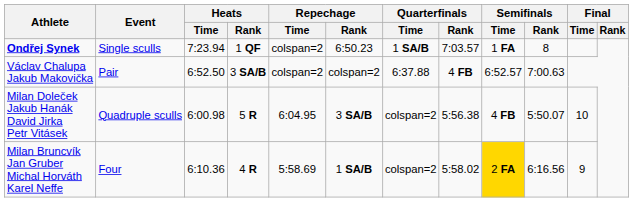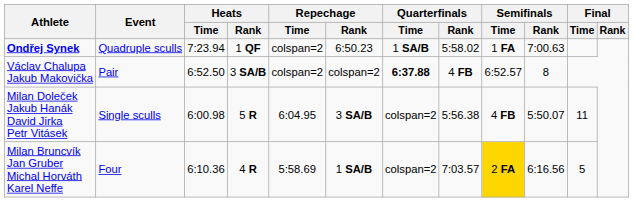 <table class="wikitable" style="font-size:90%">
 <tr>
 <th rowspan="2">Athlete</th>
 <th rowspan="2">Event</th>
 <th colspan="2">Heats</th>
 <th colspan="2">Repechage</th>
 <th colspan="2">Quarterfinals</th>
 <th colspan="2">Semifinals</th>
 <th colspan="2">Final</th>
 </tr>
 <tr style="font-size:95%">
 <th>Time</th>
 <th>Rank</th>
 <th>Time</th>
 <th>Rank</th>
 <th>Time</th>
 <th>Rank</th>
 <th>Time</th>
 <th>Rank</th>
 <th>Time</th>
 <th>Rank</th>
 </tr>
 <tr align=center>
 <td align=left><strong><a href='#'>Ondřej Synek</a></strong></td>
-<td align=left><a href='#'>Single sculls</a></td>
+<td align=left><a href='#'>Quadruple sculls</a></td>
 <td>7:23.94</td>
 <td>1 <strong>QF</strong></td>
 <td>colspan=2 </td>
 <td>6:50.23</td>
 <td>1 <strong>SA/B</strong></td>
-<td>7:03.57</td>
+<td>5:58.02</td>
 <td>1 <strong>FA</strong></td>
-<td>8</td>
+<td>7:00.63</td>
 <td></td>
 </tr>
 <tr align=center>
 <td align=left><a href='#'>Václav Chalupa</a><br><a href='#'>Jakub Makovička</a></td>
 <td align=left><a href='#'>Pair</a></td>
 <td>6:52.50</td>
 <td>3 <strong>SA/B</strong></td>
 <td>colspan=2 </td>
 <td>colspan=2 </td>
-<td>6:37.88</td>
+<td><strong>6:37.88</strong></td>
 <td>4 <strong>FB</strong></td>
 <td>6:52.57</td>
-<td>7:00.63</td>
+<td>8</td>
 </tr>
 <tr align=center>
 <td align=left><a href='#'>Milan Doleček</a><br><a href='#'>Jakub Hanák</a><br><a href='#'>David Jirka</a><br><a href='#'>Petr Vitásek</a></td>
-<td align=left><a href='#'>Quadruple sculls</a></td>
+<td align=left><a href='#'>Single sculls</a></td>
 <td>6:00.98</td>
 <td>5 <strong>R</strong></td>
 <td>6:04.95</td>
 <td>3 <strong>SA/B</strong></td>
 <td>colspan=2 </td>
 <td>5:56.38</td>
 <td>4 <strong>FB</strong></td>
 <td>5:50.07</td>
-<td>10</td>
+<td>11</td>
 </tr>
 <tr align=center>
 <td align=left><a href='#'>Milan Bruncvík</a><br><a href='#'>Jan Gruber</a> <br><a href='#'>Michal Horváth</a><br><a href='#'>Karel Neffe</a></td>
 <td align=left><a href='#'>Four</a></td>
 <td>6:10.36</td>
 <td>4 <strong>R</strong></td>
 <td>5:58.69</td>
 <td>1 <strong>SA/B</strong></td>
 <td>colspan=2 </td>
-<td>5:58.02</td>
+<td>7:03.57</td>
 <td style="background: gold;">2 <strong>FA</strong></td>
 <td>6:16.56</td>
-<td>9</td>
+<td>5</td>
 </tr>
 </table>
